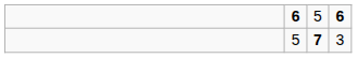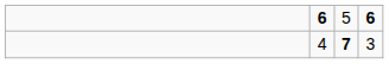 <table class="wikitable">
 <tr>
 <td style="width:18em"><strong></strong></td>
 <td align=center style="width:1em"><strong>6</strong></td>
 <td align=center style="width:1em">5</td>
 <td align=center style="width:1em"><strong>6</strong></td>
 </tr>
 <tr>
 <td style="width:18em"></td>
-<td align=center style="width:1em">5</td>
+<td align=center style="width:1em">4</td>
 <td align=center style="width:1em"><strong>7</strong></td>
 <td align=center style="width:1em">3</td>
 </tr>
 </table>
